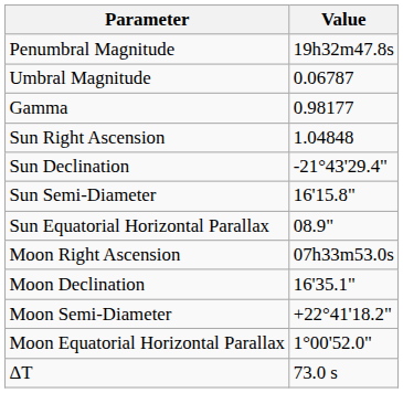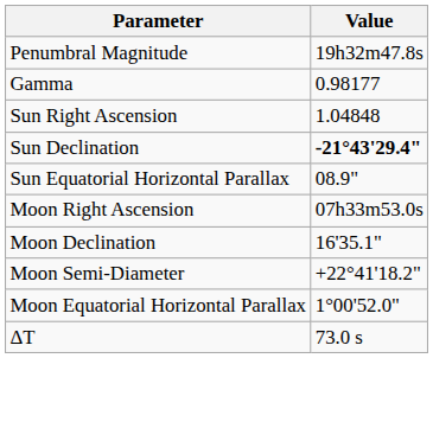 <table class="wikitable">
 <tr>
 <th>Parameter</th>
 <th>Value</th>
 </tr>
 <tr>
 <td>Penumbral Magnitude</td>
 <td>19h32m47.8s</td>
-</tr>
-<tr>
-<td>Umbral Magnitude</td>
-<td>0.06787</td>
 </tr>
 <tr>
 <td>Gamma</td>
 <td>0.98177</td>
 </tr>
 <tr>
 <td>Sun Right Ascension</td>
 <td>1.04848</td>
 </tr>
 <tr>
 <td>Sun Declination</td>
-<td>-21°43'29.4"</td>
-</tr>
-<tr>
-<td>Sun Semi-Diameter</td>
-<td>16'15.8"</td>
+<td><strong>-21°43'29.4"</strong></td>
 </tr>
 <tr>
 <td>Sun Equatorial Horizontal Parallax</td>
 <td>08.9"</td>
 </tr>
 <tr>
 <td>Moon Right Ascension</td>
 <td>07h33m53.0s</td>
 </tr>
 <tr>
 <td>Moon Declination</td>
 <td>16'35.1"</td>
 </tr>
 <tr>
 <td>Moon Semi-Diameter</td>
 <td>+22°41'18.2"</td>
 </tr>
 <tr>
 <td>Moon Equatorial Horizontal Parallax</td>
 <td>1°00'52.0"</td>
 </tr>
 <tr>
 <td>ΔT</td>
 <td>73.0 s</td>
 </tr>
 </table>
